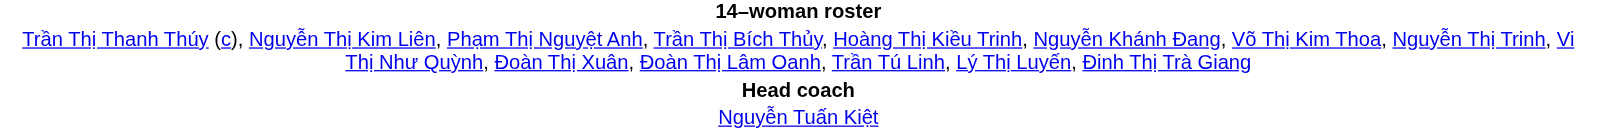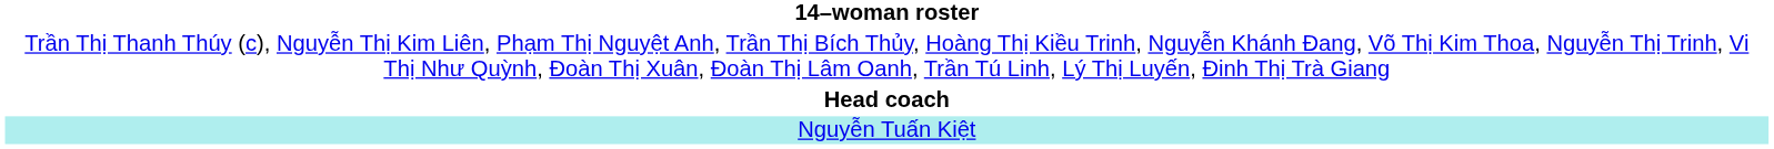 <table style="text-align:center; margin-top:2em; margin-left:auto; margin-right:auto">
 <tr>
 <td><strong>14–woman roster</strong></td>
 </tr>
 <tr>
 <td><a href='#'>Trần Thị Thanh Thúy</a> (<a href='#'>c</a>), <a href='#'>Nguyễn Thị Kim Liên</a>, <a href='#'>Phạm Thị Nguyệt Anh</a>, <a href='#'>Trần Thị Bích Thủy</a>, <a href='#'>Hoàng Thị Kiều Trinh</a>, <a href='#'>Nguyễn Khánh Đang</a>, <a href='#'>Võ Thị Kim Thoa</a>, <a href='#'>Nguyễn Thị Trinh</a>, <a href='#'>Vi Thị Như Quỳnh</a>, <a href='#'>Đoàn Thị Xuân</a>, <a href='#'>Đoàn Thị Lâm Oanh</a>, <a href='#'>Trần Tú Linh</a>, <a href='#'>Lý Thị Luyến</a>, <a href='#'>Đinh Thị Trà Giang</a></td>
 </tr>
 <tr>
 <td><strong>Head coach</strong></td>
 </tr>
 <tr>
-<td><a href='#'>Nguyễn Tuấn Kiệt</a></td>
+<td style="background: paleturquoise;"><a href='#'>Nguyễn Tuấn Kiệt</a></td>
 </tr>
 </table>
